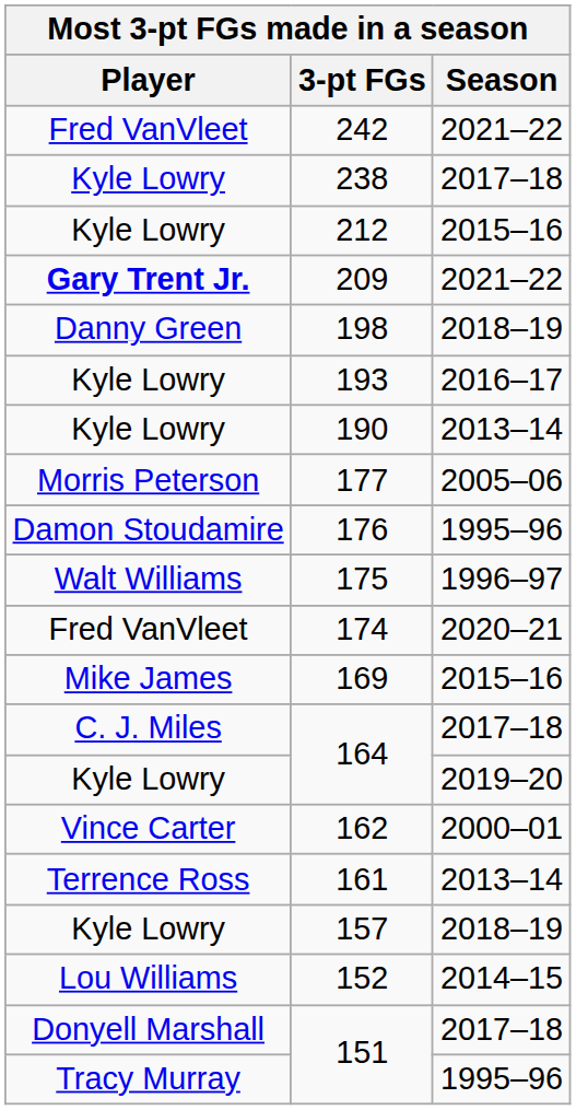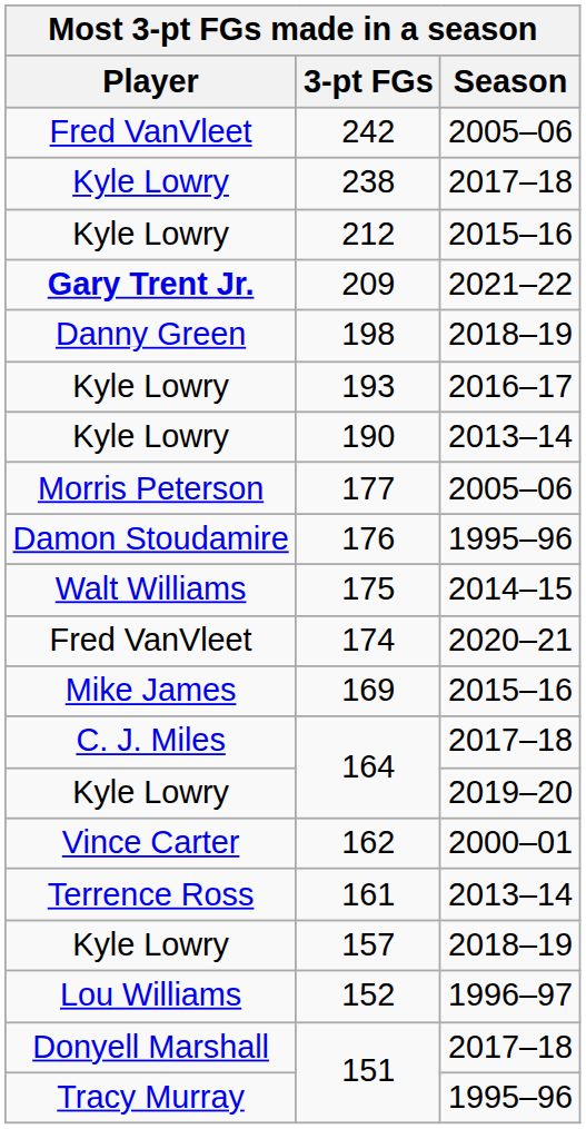 <table class="wikitable" style="text-align:center">
 <tr>
 <th colspan="3">Most 3-pt FGs made in a season</th>
 </tr>
 <tr>
 <th>Player</th>
 <th>3-pt FGs</th>
 <th>Season</th>
 </tr>
 <tr>
 <td><a href='#'>Fred VanVleet</a></td>
 <td>242</td>
-<td>2021–22</td>
+<td>2005–06</td>
 </tr>
 <tr>
 <td><a href='#'>Kyle Lowry</a></td>
 <td>238</td>
 <td>2017–18</td>
 </tr>
 <tr>
 <td>Kyle Lowry</td>
 <td>212</td>
 <td>2015–16</td>
 </tr>
 <tr>
 <td><strong><a href='#'>Gary Trent Jr.</a></strong></td>
 <td>209</td>
 <td>2021–22</td>
 </tr>
 <tr>
 <td><a href='#'>Danny Green</a></td>
 <td>198</td>
 <td>2018–19</td>
 </tr>
 <tr>
 <td>Kyle Lowry</td>
 <td>193</td>
 <td>2016–17</td>
 </tr>
 <tr>
 <td>Kyle Lowry</td>
 <td>190</td>
 <td>2013–14</td>
 </tr>
 <tr>
 <td><a href='#'>Morris Peterson</a></td>
 <td>177</td>
 <td>2005–06</td>
 </tr>
 <tr>
 <td><a href='#'>Damon Stoudamire</a></td>
 <td>176</td>
 <td>1995–96</td>
 </tr>
 <tr>
 <td><a href='#'>Walt Williams</a></td>
 <td>175</td>
-<td>1996–97</td>
+<td>2014–15</td>
 </tr>
 <tr>
 <td>Fred VanVleet</td>
 <td>174</td>
 <td>2020–21</td>
 </tr>
 <tr>
 <td><a href='#'>Mike James</a></td>
 <td>169</td>
 <td>2015–16</td>
 </tr>
 <tr>
 <td><a href='#'>C. J. Miles</a></td>
 <td rowspan=2>164</td>
 <td>2017–18</td>
 </tr>
 <tr>
 <td>Kyle Lowry</td>
 <td>2019–20</td>
 </tr>
 <tr>
 <td><a href='#'>Vince Carter</a></td>
 <td>162</td>
 <td>2000–01</td>
 </tr>
 <tr>
 <td><a href='#'>Terrence Ross</a></td>
 <td>161</td>
 <td>2013–14</td>
 </tr>
 <tr>
 <td>Kyle Lowry</td>
 <td>157</td>
 <td>2018–19</td>
 </tr>
 <tr>
 <td><a href='#'>Lou Williams</a></td>
 <td>152</td>
-<td>2014–15</td>
+<td>1996–97</td>
 </tr>
 <tr>
 <td><a href='#'>Donyell Marshall</a></td>
 <td rowspan=2>151</td>
 <td>2017–18</td>
 </tr>
 <tr>
 <td><a href='#'>Tracy Murray</a></td>
 <td>1995–96</td>
 </tr>
 </table>
